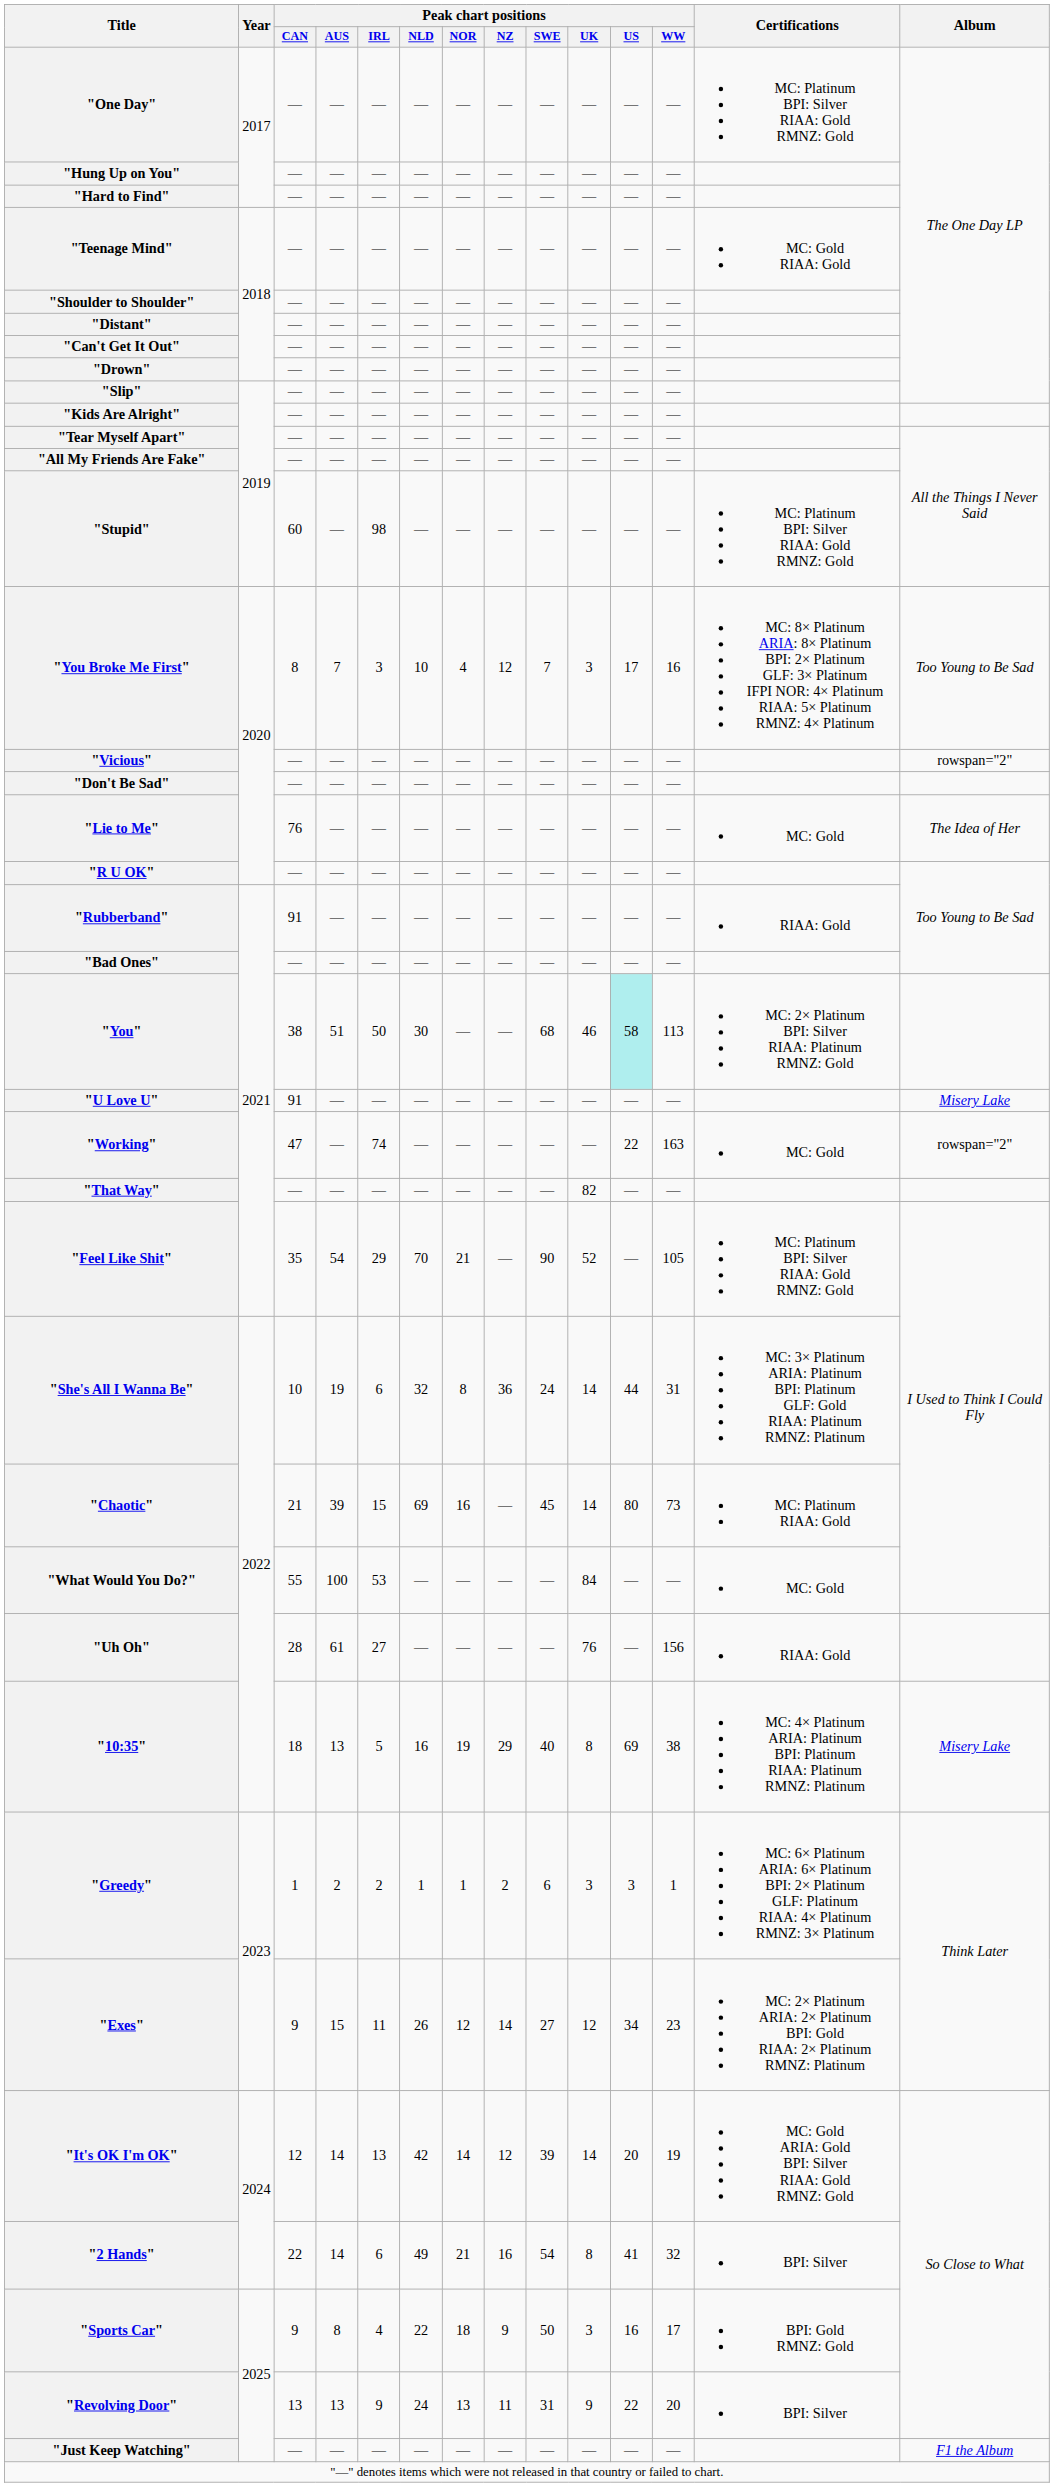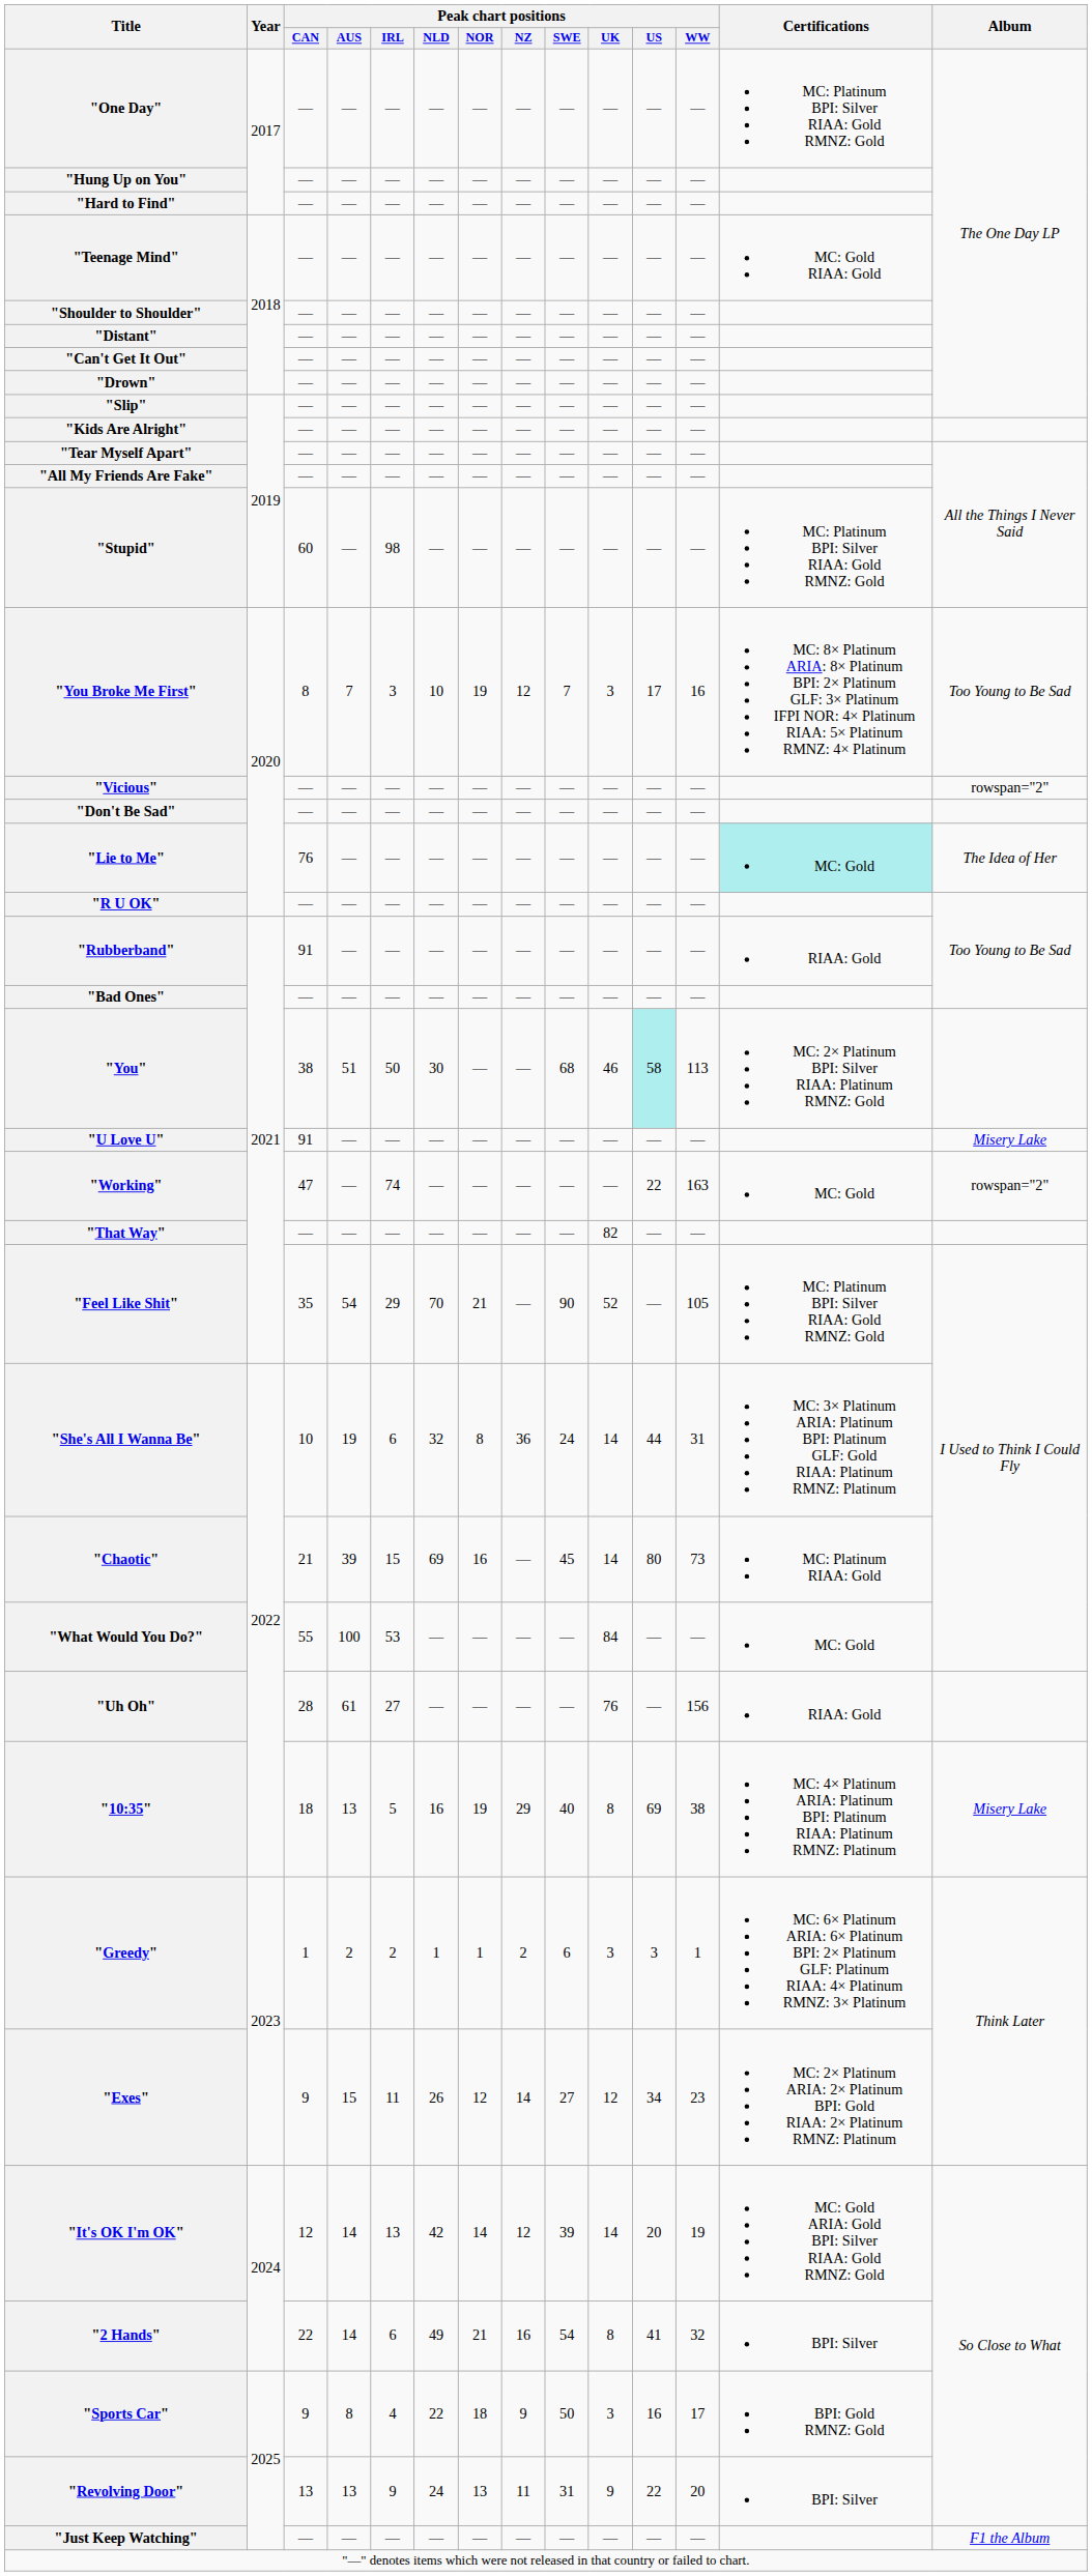 <table class="wikitable plainrowheaders" style="text-align:center;">
 <tr>
 <th scope="col" rowspan="2" style="width:16em;">Title</th>
 <th scope="col" rowspan="2" style="width:1em;">Year</th>
 <th scope="col" colspan="10">Peak chart positions</th>
 <th scope="col" rowspan="2" style="width:14em;">Certifications</th>
 <th scope="col" rowspan="2" style="width:10em;">Album</th>
 </tr>
 <tr>
 <th scope="col" style="width:3em;font-size:85%;"><a href='#'>CAN</a><br></th>
 <th scope="col" style="width:3em;font-size:85%;"><a href='#'>AUS</a><br></th>
 <th scope="col" style="width:3em;font-size:85%;"><a href='#'>IRL</a><br></th>
 <th scope="col" style="width:3em;font-size:85%;"><a href='#'>NLD</a><br></th>
 <th scope="col" style="width:3em;font-size:85%;"><a href='#'>NOR</a><br></th>
 <th scope="col" style="width:3em;font-size:85%;"><a href='#'>NZ</a><br></th>
 <th scope="col" style="width:3em;font-size:85%;"><a href='#'>SWE</a><br></th>
 <th scope="col" style="width:3em;font-size:85%;"><a href='#'>UK</a><br></th>
 <th scope="col" style="width:3em;font-size:85%;"><a href='#'>US</a><br></th>
 <th scope="col" style="width:3em;font-size:85%;"><a href='#'>WW</a><br></th>
 </tr>
 <tr>
 <th scope="row">"One Day"</th>
 <td rowspan="3">2017</td>
 <td>—</td>
 <td>—</td>
 <td>—</td>
 <td>—</td>
 <td>—</td>
 <td>—</td>
 <td>—</td>
 <td>—</td>
 <td>—</td>
 <td>—</td>
 <td><br><ul><li>MC: Platinum</li><li>BPI: Silver</li><li>RIAA: Gold</li><li>RMNZ: Gold</li></ul></td>
 <td rowspan="9"><em>The One Day LP</em></td>
 </tr>
 <tr>
 <th scope="row">"Hung Up on You"</th>
 <td>—</td>
 <td>—</td>
 <td>—</td>
 <td>—</td>
 <td>—</td>
 <td>—</td>
 <td>—</td>
 <td>—</td>
 <td>—</td>
 <td>—</td>
 <td></td>
 </tr>
 <tr>
 <th scope="row">"Hard to Find"</th>
 <td>—</td>
 <td>—</td>
 <td>—</td>
 <td>—</td>
 <td>—</td>
 <td>—</td>
 <td>—</td>
 <td>—</td>
 <td>—</td>
 <td>—</td>
 <td></td>
 </tr>
 <tr>
 <th scope="row">"Teenage Mind"</th>
 <td rowspan="5">2018</td>
 <td>—</td>
 <td>—</td>
 <td>—</td>
 <td>—</td>
 <td>—</td>
 <td>—</td>
 <td>—</td>
 <td>—</td>
 <td>—</td>
 <td>—</td>
 <td><br><ul><li>MC: Gold</li><li>RIAA: Gold</li></ul></td>
 </tr>
 <tr>
 <th scope="row">"Shoulder to Shoulder"</th>
 <td>—</td>
 <td>—</td>
 <td>—</td>
 <td>—</td>
 <td>—</td>
 <td>—</td>
 <td>—</td>
 <td>—</td>
 <td>—</td>
 <td>—</td>
 <td></td>
 </tr>
 <tr>
 <th scope="row">"Distant"</th>
 <td>—</td>
 <td>—</td>
 <td>—</td>
 <td>—</td>
 <td>—</td>
 <td>—</td>
 <td>—</td>
 <td>—</td>
 <td>—</td>
 <td>—</td>
 <td></td>
 </tr>
 <tr>
 <th scope="row">"Can't Get It Out"</th>
 <td>—</td>
 <td>—</td>
 <td>—</td>
 <td>—</td>
 <td>—</td>
 <td>—</td>
 <td>—</td>
 <td>—</td>
 <td>—</td>
 <td>—</td>
 <td></td>
 </tr>
 <tr>
 <th scope="row">"Drown"</th>
 <td>—</td>
 <td>—</td>
 <td>—</td>
 <td>—</td>
 <td>—</td>
 <td>—</td>
 <td>—</td>
 <td>—</td>
 <td>—</td>
 <td>—</td>
 <td></td>
 </tr>
 <tr>
 <th scope="row">"Slip"</th>
 <td rowspan="5">2019</td>
 <td>—</td>
 <td>—</td>
 <td>—</td>
 <td>—</td>
 <td>—</td>
 <td>—</td>
 <td>—</td>
 <td>—</td>
 <td>—</td>
 <td>—</td>
 <td></td>
 </tr>
 <tr>
 <th scope="row">"Kids Are Alright"</th>
 <td>—</td>
 <td>—</td>
 <td>—</td>
 <td>—</td>
 <td>—</td>
 <td>—</td>
 <td>—</td>
 <td>—</td>
 <td>—</td>
 <td>—</td>
 <td></td>
 <td></td>
 </tr>
 <tr>
 <th scope="row">"Tear Myself Apart"</th>
 <td>—</td>
 <td>—</td>
 <td>—</td>
 <td>—</td>
 <td>—</td>
 <td>—</td>
 <td>—</td>
 <td>—</td>
 <td>—</td>
 <td>—</td>
 <td></td>
 <td rowspan="3"><em>All the Things I Never Said</em></td>
 </tr>
 <tr>
 <th scope="row">"All My Friends Are Fake"</th>
 <td>—</td>
 <td>—</td>
 <td>—</td>
 <td>—</td>
 <td>—</td>
 <td>—</td>
 <td>—</td>
 <td>—</td>
 <td>—</td>
 <td>—</td>
 <td></td>
 </tr>
 <tr>
 <th scope="row">"Stupid"</th>
 <td>60</td>
 <td>—</td>
 <td>98</td>
 <td>—</td>
 <td>—</td>
 <td>—</td>
 <td>—</td>
 <td>—</td>
 <td>—</td>
 <td>—</td>
 <td><br><ul><li>MC: Platinum</li><li>BPI: Silver</li><li>RIAA: Gold</li><li>RMNZ: Gold</li></ul></td>
 </tr>
 <tr>
 <th scope="row">"<a href='#'>You Broke Me First</a>"</th>
 <td rowspan="5">2020</td>
 <td>8</td>
 <td>7</td>
 <td>3</td>
 <td>10</td>
-<td>4</td>
+<td>19</td>
 <td>12</td>
 <td>7</td>
 <td>3</td>
 <td>17</td>
 <td>16</td>
 <td><br><ul><li>MC: 8× Platinum</li><li><a href='#'>ARIA</a>: 8× Platinum</li><li>BPI: 2× Platinum</li><li>GLF: 3× Platinum</li><li>IFPI NOR: 4× Platinum</li><li>RIAA: 5× Platinum</li><li>RMNZ: 4× Platinum</li></ul></td>
 <td><em>Too Young to Be Sad</em></td>
 </tr>
 <tr>
 <th scope="row">"<a href='#'>Vicious</a>"<br></th>
 <td>—</td>
 <td>—</td>
 <td>—</td>
 <td>—</td>
 <td>—</td>
 <td>—</td>
 <td>—</td>
 <td>—</td>
 <td>—</td>
 <td>—</td>
 <td></td>
 <td>rowspan="2" </td>
 </tr>
 <tr>
 <th scope="row">"Don't Be Sad"</th>
 <td>—</td>
 <td>—</td>
 <td>—</td>
 <td>—</td>
 <td>—</td>
 <td>—</td>
 <td>—</td>
 <td>—</td>
 <td>—</td>
 <td>—</td>
 <td></td>
 </tr>
 <tr>
 <th scope="row">"<a href='#'>Lie to Me</a>"<br></th>
 <td>76</td>
 <td>—</td>
 <td>—</td>
 <td>—</td>
 <td>—</td>
 <td>—</td>
 <td>—</td>
 <td>—</td>
 <td>—</td>
 <td>—</td>
-<td><br><ul><li>MC: Gold</li></ul></td>
+<td style="background: paleturquoise;"><br><ul><li>MC: Gold</li></ul></td>
 <td><em>The Idea of Her</em></td>
 </tr>
 <tr>
 <th scope="row">"<a href='#'>R U OK</a>"</th>
 <td>—</td>
 <td>—</td>
 <td>—</td>
 <td>—</td>
 <td>—</td>
 <td>—</td>
 <td>—</td>
 <td>—</td>
 <td>—</td>
 <td>—</td>
 <td></td>
 <td rowspan="3"><em>Too Young to Be Sad</em></td>
 </tr>
 <tr>
 <th scope="row">"<a href='#'>Rubberband</a>"</th>
 <td rowspan="7">2021</td>
 <td>91</td>
 <td>—</td>
 <td>—</td>
 <td>—</td>
 <td>—</td>
 <td>—</td>
 <td>—</td>
 <td>—</td>
 <td>—</td>
 <td>—</td>
 <td><br><ul><li>RIAA: Gold</li></ul></td>
 </tr>
 <tr>
 <th scope="row">"Bad Ones"</th>
 <td>—</td>
 <td>—</td>
 <td>—</td>
 <td>—</td>
 <td>—</td>
 <td>—</td>
 <td>—</td>
 <td>—</td>
 <td>—</td>
 <td>—</td>
 <td></td>
 </tr>
 <tr>
 <th scope="row">"<a href='#'>You</a>"<br></th>
 <td>38</td>
 <td>51</td>
 <td>50</td>
 <td>30</td>
 <td>—</td>
 <td>—</td>
 <td>68</td>
 <td>46</td>
 <td style="background: paleturquoise;">58</td>
 <td>113</td>
 <td><br><ul><li>MC: 2× Platinum</li><li>BPI: Silver</li><li>RIAA: Platinum</li><li>RMNZ: Gold</li></ul></td>
 <td></td>
 </tr>
 <tr>
 <th scope="row">"<a href='#'>U Love U</a>"<br></th>
 <td>91</td>
 <td>—</td>
 <td>—</td>
 <td>—</td>
 <td>—</td>
 <td>—</td>
 <td>—</td>
 <td>—</td>
 <td>—</td>
 <td>—</td>
 <td></td>
 <td><em><a href='#'>Misery Lake</a></em></td>
 </tr>
 <tr>
 <th scope="row">"<a href='#'>Working</a>"<br></th>
 <td>47</td>
 <td>—</td>
 <td>74</td>
 <td>—</td>
 <td>—</td>
 <td>—</td>
 <td>—</td>
 <td>—</td>
 <td>22</td>
 <td>163</td>
 <td><br><ul><li>MC: Gold</li></ul></td>
 <td>rowspan="2" </td>
 </tr>
 <tr>
 <th scope="row">"<a href='#'>That Way</a>"<br></th>
 <td>—</td>
 <td>—</td>
 <td>—</td>
 <td>—</td>
 <td>—</td>
 <td>—</td>
 <td>—</td>
 <td>82</td>
 <td>—</td>
 <td>—</td>
 <td></td>
 </tr>
 <tr>
 <th scope="row">"<a href='#'>Feel Like Shit</a>"</th>
 <td>35</td>
 <td>54</td>
 <td>29</td>
 <td>70</td>
 <td>21</td>
 <td>—</td>
 <td>90</td>
 <td>52</td>
 <td>—</td>
 <td>105</td>
 <td><br><ul><li>MC: Platinum</li><li>BPI: Silver</li><li>RIAA: Gold</li><li>RMNZ: Gold</li></ul></td>
 <td rowspan="4"><em>I Used to Think I Could Fly</em></td>
 </tr>
 <tr>
 <th scope="row">"<a href='#'>She's All I Wanna Be</a>"</th>
 <td rowspan="5">2022</td>
 <td>10</td>
 <td>19</td>
 <td>6</td>
 <td>32</td>
 <td>8</td>
 <td>36</td>
 <td>24</td>
 <td>14</td>
 <td>44</td>
 <td>31</td>
 <td><br><ul><li>MC: 3× Platinum</li><li>ARIA: Platinum</li><li>BPI: Platinum</li><li>GLF: Gold</li><li>RIAA: Platinum</li><li>RMNZ: Platinum</li></ul></td>
 </tr>
 <tr>
 <th scope="row">"<a href='#'>Chaotic</a>"</th>
 <td>21</td>
 <td>39</td>
 <td>15</td>
 <td>69</td>
 <td>16</td>
 <td>—</td>
 <td>45</td>
 <td>14</td>
 <td>80</td>
 <td>73</td>
 <td><br><ul><li>MC: Platinum</li><li>RIAA: Gold</li></ul></td>
 </tr>
 <tr>
 <th scope="row">"What Would You Do?"</th>
 <td>55</td>
 <td>100</td>
 <td>53</td>
 <td>—</td>
 <td>—</td>
 <td>—</td>
 <td>—</td>
 <td>84</td>
 <td>—</td>
 <td>—</td>
 <td><br><ul><li>MC: Gold</li></ul></td>
 </tr>
 <tr>
 <th scope="row">"Uh Oh"</th>
 <td>28</td>
 <td>61</td>
 <td>27</td>
 <td>—</td>
 <td>—</td>
 <td>—</td>
 <td>—</td>
 <td>76</td>
 <td>—</td>
 <td>156</td>
 <td><br><ul><li>RIAA: Gold</li></ul></td>
 <td></td>
 </tr>
 <tr>
 <th scope="row">"<a href='#'>10:35</a>"<br></th>
 <td>18</td>
 <td>13</td>
 <td>5</td>
 <td>16</td>
 <td>19</td>
 <td>29</td>
 <td>40</td>
 <td>8</td>
 <td>69</td>
 <td>38</td>
 <td><br><ul><li>MC: 4× Platinum</li><li>ARIA: Platinum</li><li>BPI: Platinum</li><li>RIAA: Platinum</li><li>RMNZ: Platinum</li></ul></td>
 <td><em><a href='#'>Misery Lake</a></em></td>
 </tr>
 <tr>
 <th scope="row">"<a href='#'>Greedy</a>"</th>
 <td rowspan="2">2023</td>
 <td>1</td>
 <td>2</td>
 <td>2</td>
 <td>1</td>
 <td>1</td>
 <td>2</td>
 <td>6</td>
 <td>3</td>
 <td>3</td>
 <td>1</td>
 <td><br><ul><li>MC: 6× Platinum</li><li>ARIA: 6× Platinum</li><li>BPI: 2× Platinum</li><li>GLF: Platinum</li><li>RIAA: 4× Platinum</li><li>RMNZ: 3× Platinum</li></ul></td>
 <td rowspan="2"><em>Think Later</em></td>
 </tr>
 <tr>
 <th scope="row">"<a href='#'>Exes</a>"</th>
 <td>9</td>
 <td>15</td>
 <td>11</td>
 <td>26</td>
 <td>12</td>
 <td>14</td>
 <td>27</td>
 <td>12</td>
 <td>34</td>
 <td>23</td>
 <td><br><ul><li>MC: 2× Platinum</li><li>ARIA: 2× Platinum</li><li>BPI: Gold</li><li>RIAA: 2× Platinum</li><li>RMNZ: Platinum</li></ul></td>
 </tr>
 <tr>
 <th scope="row">"<a href='#'>It's OK I'm OK</a>"</th>
 <td rowspan="2">2024</td>
 <td>12</td>
 <td>14</td>
 <td>13</td>
 <td>42</td>
 <td>14</td>
 <td>12</td>
 <td>39</td>
 <td>14</td>
 <td>20</td>
 <td>19</td>
 <td><br><ul><li>MC: Gold</li><li>ARIA: Gold</li><li>BPI: Silver</li><li>RIAA: Gold</li><li>RMNZ: Gold</li></ul></td>
 <td rowspan="4"><em>So Close to What</em></td>
 </tr>
 <tr>
 <th scope="row">"<a href='#'>2 Hands</a>"</th>
 <td>22</td>
 <td>14</td>
 <td>6</td>
 <td>49</td>
 <td>21</td>
 <td>16</td>
 <td>54</td>
 <td>8</td>
 <td>41</td>
 <td>32</td>
 <td><br><ul><li>BPI: Silver</li></ul></td>
 </tr>
 <tr>
 <th scope="row">"<a href='#'>Sports Car</a>"</th>
 <td rowspan="3">2025</td>
 <td>9</td>
 <td>8</td>
 <td>4</td>
 <td>22</td>
 <td>18</td>
 <td>9</td>
 <td>50</td>
 <td>3</td>
 <td>16</td>
 <td>17</td>
 <td><br><ul><li>BPI: Gold</li><li>RMNZ: Gold</li></ul></td>
 </tr>
 <tr>
 <th scope="row">"<a href='#'>Revolving Door</a>"</th>
 <td>13</td>
 <td>13</td>
 <td>9<br></td>
 <td>24</td>
 <td>13</td>
 <td>11</td>
 <td>31</td>
 <td>9</td>
 <td>22</td>
 <td>20</td>
 <td><br><ul><li>BPI: Silver</li></ul></td>
 </tr>
 <tr>
 <th scope="row">"Just Keep Watching"</th>
 <td>—</td>
 <td>—</td>
 <td>—</td>
 <td>—</td>
 <td>—</td>
 <td>—</td>
 <td>—</td>
 <td>—</td>
 <td>—</td>
 <td>—</td>
 <td></td>
 <td><em><a href='#'>F1 the Album</a></em></td>
 </tr>
 <tr>
 <td colspan="14" style="font-size:90%;">"—" denotes items which were not released in that country or failed to chart.</td>
 </tr>
 </table>
